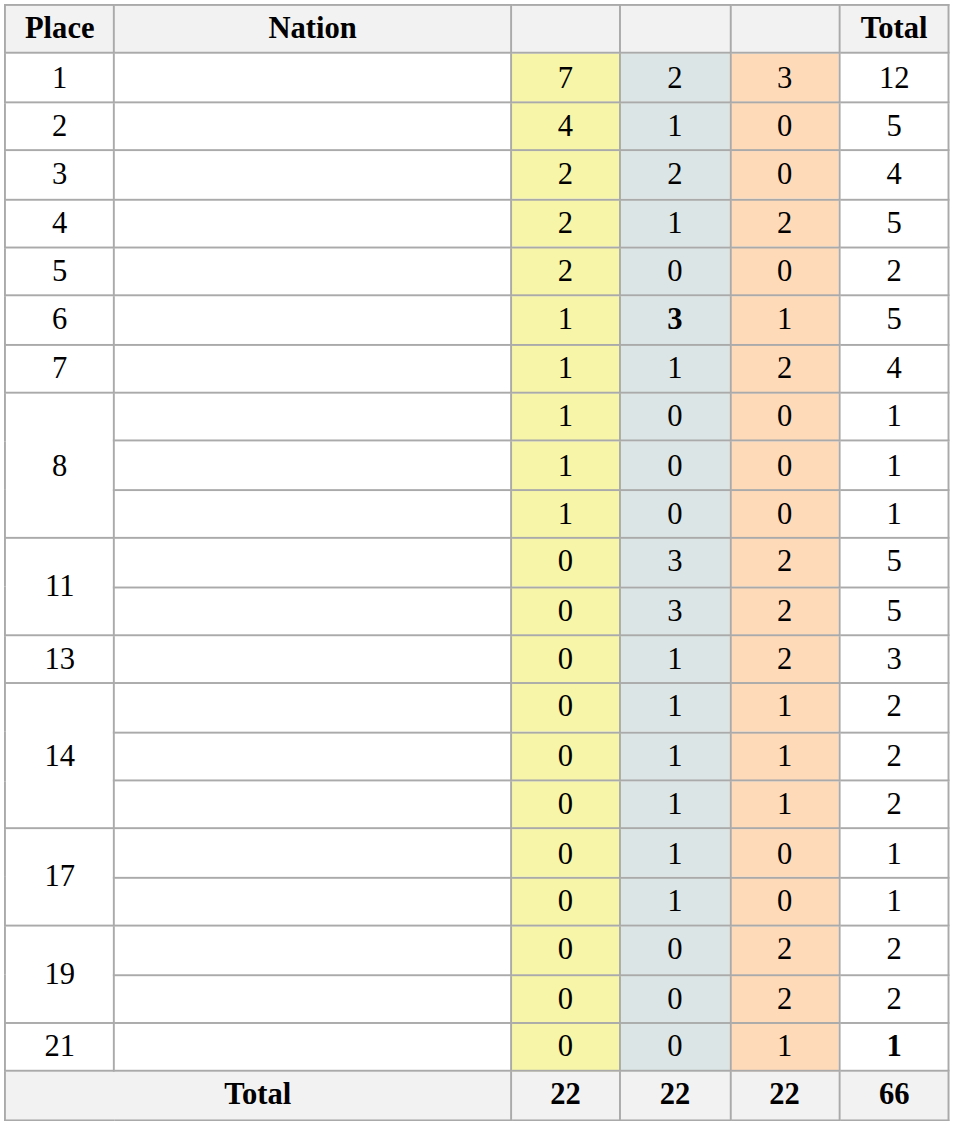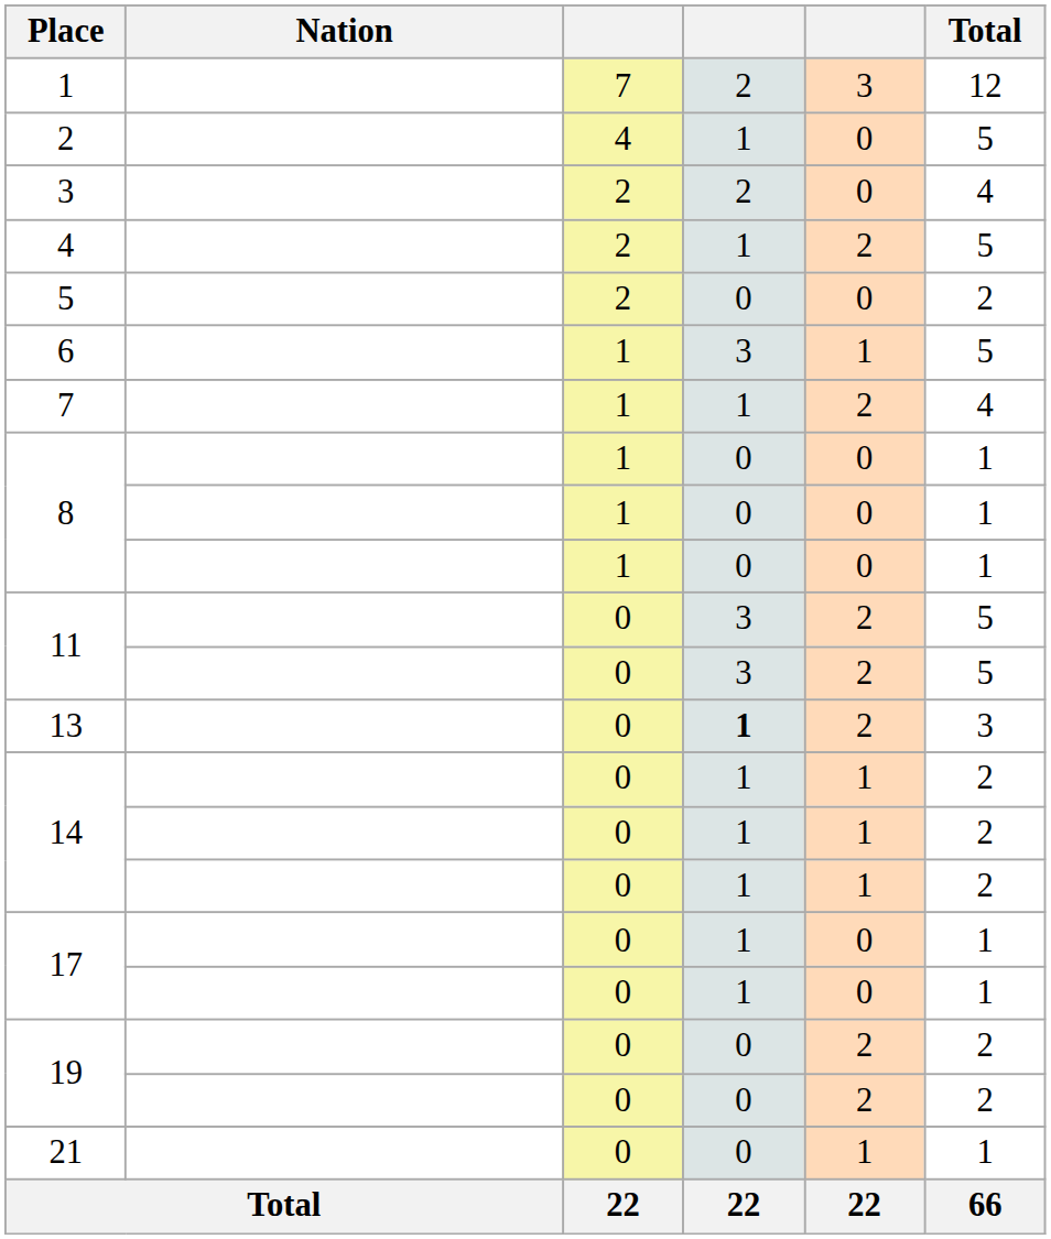 <table class="wikitable" style="border:1px solid #aaa;">
 <tr style="background:#efefef;">
 <th width=50>Place</th>
 <th width=200>Nation</th>
 <th width=50></th>
 <th width=50></th>
 <th width=50></th>
 <th width=50>Total</th>
 </tr>
 <tr style="text-align:center; background:#fff;">
 <td>1</td>
 <td style="text-align:left;"></td>
 <td style="background:#F7F6A8;">7</td>
 <td style="background:#DCE5E5;">2</td>
 <td style="background:#FFDAB9;">3</td>
 <td>12</td>
 </tr>
 <tr style="text-align:center; background:#fff;">
 <td>2</td>
 <td style="text-align:left;"></td>
 <td style="background:#F7F6A8;">4</td>
 <td style="background:#DCE5E5;">1</td>
 <td style="background:#FFDAB9;">0</td>
 <td>5</td>
 </tr>
 <tr style="text-align:center; background:#fff;">
 <td>3</td>
 <td style="text-align:left;"></td>
 <td style="background:#F7F6A8;">2</td>
 <td style="background:#DCE5E5;">2</td>
 <td style="background:#FFDAB9;">0</td>
 <td>4</td>
 </tr>
 <tr style="text-align:center; background:#fff;">
 <td>4</td>
 <td style="text-align:left;"></td>
 <td style="background:#F7F6A8;">2</td>
 <td style="background:#DCE5E5;">1</td>
 <td style="background:#FFDAB9;">2</td>
 <td>5</td>
 </tr>
 <tr style="text-align:center; background:#fff;">
 <td>5</td>
 <td style="text-align:left;"></td>
 <td style="background:#F7F6A8;">2</td>
 <td style="background:#DCE5E5;">0</td>
 <td style="background:#FFDAB9;">0</td>
 <td>2</td>
 </tr>
 <tr style="text-align:center; background:#fff;">
 <td>6</td>
 <td style="text-align:left;"></td>
 <td style="background:#F7F6A8;">1</td>
-<td style="background:#DCE5E5;"><strong>3</strong></td>
+<td style="background:#DCE5E5;">3</td>
 <td style="background:#FFDAB9;">1</td>
 <td>5</td>
 </tr>
 <tr style="text-align:center; background:#fff;">
 <td>7</td>
 <td style="text-align:left;"></td>
 <td style="background:#F7F6A8;">1</td>
 <td style="background:#DCE5E5;">1</td>
 <td style="background:#FFDAB9;">2</td>
 <td>4</td>
 </tr>
 <tr style="text-align:center; background:#fff;">
 <td rowspan=3>8</td>
 <td style="text-align:left;"></td>
 <td style="background:#F7F6A8;">1</td>
 <td style="background:#DCE5E5;">0</td>
 <td style="background:#FFDAB9;">0</td>
 <td>1</td>
 </tr>
 <tr style="text-align:center; background:#fff;">
 <td style="text-align:left;"></td>
 <td style="background:#F7F6A8;">1</td>
 <td style="background:#DCE5E5;">0</td>
 <td style="background:#FFDAB9;">0</td>
 <td>1</td>
 </tr>
 <tr style="text-align:center; background:#fff;">
 <td style="text-align:left;"></td>
 <td style="background:#F7F6A8;">1</td>
 <td style="background:#DCE5E5;">0</td>
 <td style="background:#FFDAB9;">0</td>
 <td>1</td>
 </tr>
 <tr style="text-align:center; background:#fff;">
 <td rowspan=2>11</td>
 <td style="text-align:left;"></td>
 <td style="background:#F7F6A8;">0</td>
 <td style="background:#DCE5E5;">3</td>
 <td style="background:#FFDAB9;">2</td>
 <td>5</td>
 </tr>
 <tr style="text-align:center; background:#fff;">
 <td style="text-align:left;"></td>
 <td style="background:#F7F6A8;">0</td>
 <td style="background:#DCE5E5;">3</td>
 <td style="background:#FFDAB9;">2</td>
 <td>5</td>
 </tr>
 <tr style="text-align:center; background:#fff;">
 <td>13</td>
 <td style="text-align:left;"></td>
 <td style="background:#F7F6A8;">0</td>
-<td style="background:#DCE5E5;">1</td>
+<td style="background:#DCE5E5;"><strong>1</strong></td>
 <td style="background:#FFDAB9;">2</td>
 <td>3</td>
 </tr>
 <tr style="text-align:center; background:#fff;">
 <td rowspan=3>14</td>
 <td style="text-align:left;"></td>
 <td style="background:#F7F6A8;">0</td>
 <td style="background:#DCE5E5;">1</td>
 <td style="background:#FFDAB9;">1</td>
 <td>2</td>
 </tr>
 <tr style="text-align:center; background:#fff;">
 <td style="text-align:left;"></td>
 <td style="background:#F7F6A8;">0</td>
 <td style="background:#DCE5E5;">1</td>
 <td style="background:#FFDAB9;">1</td>
 <td>2</td>
 </tr>
 <tr style="text-align:center; background:#fff;">
 <td style="text-align:left;"></td>
 <td style="background:#F7F6A8;">0</td>
 <td style="background:#DCE5E5;">1</td>
 <td style="background:#FFDAB9;">1</td>
 <td>2</td>
 </tr>
 <tr style="text-align:center; background:#fff;">
 <td rowspan=2>17</td>
 <td style="text-align:left;"></td>
 <td style="background:#F7F6A8;">0</td>
 <td style="background:#DCE5E5;">1</td>
 <td style="background:#FFDAB9;">0</td>
 <td>1</td>
 </tr>
 <tr style="text-align:center; background:#fff;">
 <td style="text-align:left;"></td>
 <td style="background:#F7F6A8;">0</td>
 <td style="background:#DCE5E5;">1</td>
 <td style="background:#FFDAB9;">0</td>
 <td>1</td>
 </tr>
 <tr style="text-align:center; background:#fff;">
 <td rowspan=2>19</td>
 <td style="text-align:left;"></td>
 <td style="background:#F7F6A8;">0</td>
 <td style="background:#DCE5E5;">0</td>
 <td style="background:#FFDAB9;">2</td>
 <td>2</td>
 </tr>
 <tr style="text-align:center; background:#fff;">
 <td style="text-align:left;"></td>
 <td style="background:#F7F6A8;">0</td>
 <td style="background:#DCE5E5;">0</td>
 <td style="background:#FFDAB9;">2</td>
 <td>2</td>
 </tr>
 <tr style="text-align:center; background:#fff;">
 <td>21</td>
 <td style="text-align:left;"></td>
 <td style="background:#F7F6A8;">0</td>
 <td style="background:#DCE5E5;">0</td>
 <td style="background:#FFDAB9;">1</td>
-<td><strong>1</strong></td>
+<td>1</td>
 </tr>
 <tr style="background:#efefef;">
 <th colspan=2>Total</th>
 <th>22</th>
 <th>22</th>
 <th>22</th>
 <th>66</th>
 </tr>
 </table>
